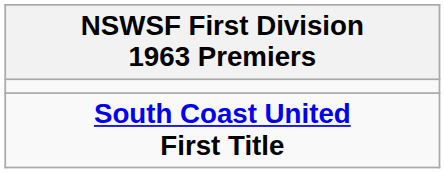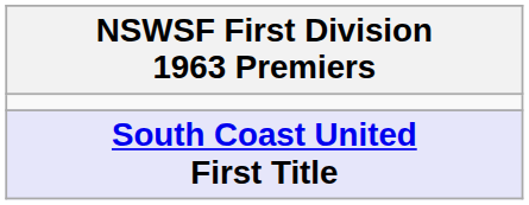 <table class="wikitable" style="text-align: center; margin: 0 auto; width: 20%">
 <tr>
 <th>NSWSF First Division<br>1963 Premiers</th>
 </tr>
 <tr>
 <td></td>
 </tr>
 <tr>
-<td><strong><a href='#'>South Coast United</a></strong><br><strong>First Title</strong></td>
+<td style="background: lavender;"><strong><a href='#'>South Coast United</a></strong><br><strong>First Title</strong></td>
 </tr>
 </table>
